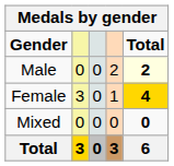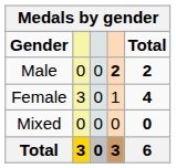 <table class="wikitable" style="font-size:85%;float:right">
 <tr bgcolor=EFEFEF>
 <th colspan=5><strong>Medals by gender</strong></th>
 </tr>
 <tr align=center>
 <td><strong>Gender</strong></td>
 <td bgcolor=F7F6A8></td>
 <td bgcolor=DCE5E5></td>
 <td bgcolor=FFDAB9></td>
 <td><strong>Total</strong></td>
 </tr>
 <tr align=center>
 <td>Male</td>
 <td bgcolor=F7F6A8>0</td>
 <td bgcolor=DCE5E5>0</td>
-<td bgcolor=FFDAB9>2</td>
-<td style="background: lightyellow;"><strong>2</strong></td>
+<td bgcolor=FFDAB9><strong>2</strong></td>
+<td><strong>2</strong></td>
 </tr>
 <tr align=center>
 <td>Female</td>
 <td bgcolor=F7F6A8>3</td>
 <td bgcolor=DCE5E5>0</td>
 <td bgcolor=FFDAB9>1</td>
-<td style="background: gold;"><strong>4</strong></td>
+<td><strong>4</strong></td>
 </tr>
 <tr align=center>
 <td>Mixed</td>
 <td bgcolor=F7F6A8>0</td>
 <td bgcolor=DCE5E5>0</td>
 <td bgcolor=FFDAB9>0</td>
 <td><strong>0</strong></td>
 </tr>
 <tr align=center>
 <th><strong>Total</strong></th>
 <th style="background:gold"><strong>3</strong></th>
 <th style="background:silver"><strong>0</strong></th>
 <th style="background:#c96"><strong>3</strong></th>
 <th><strong>6</strong></th>
 </tr>
 </table>
